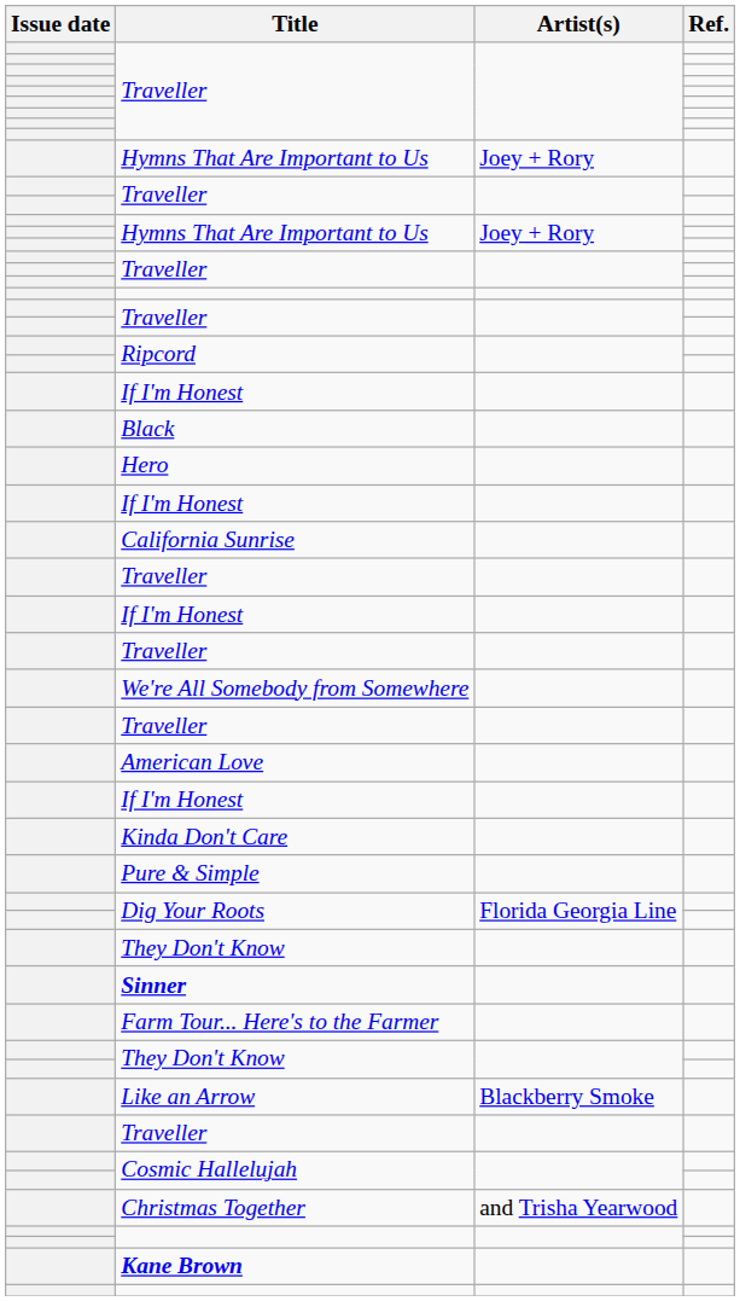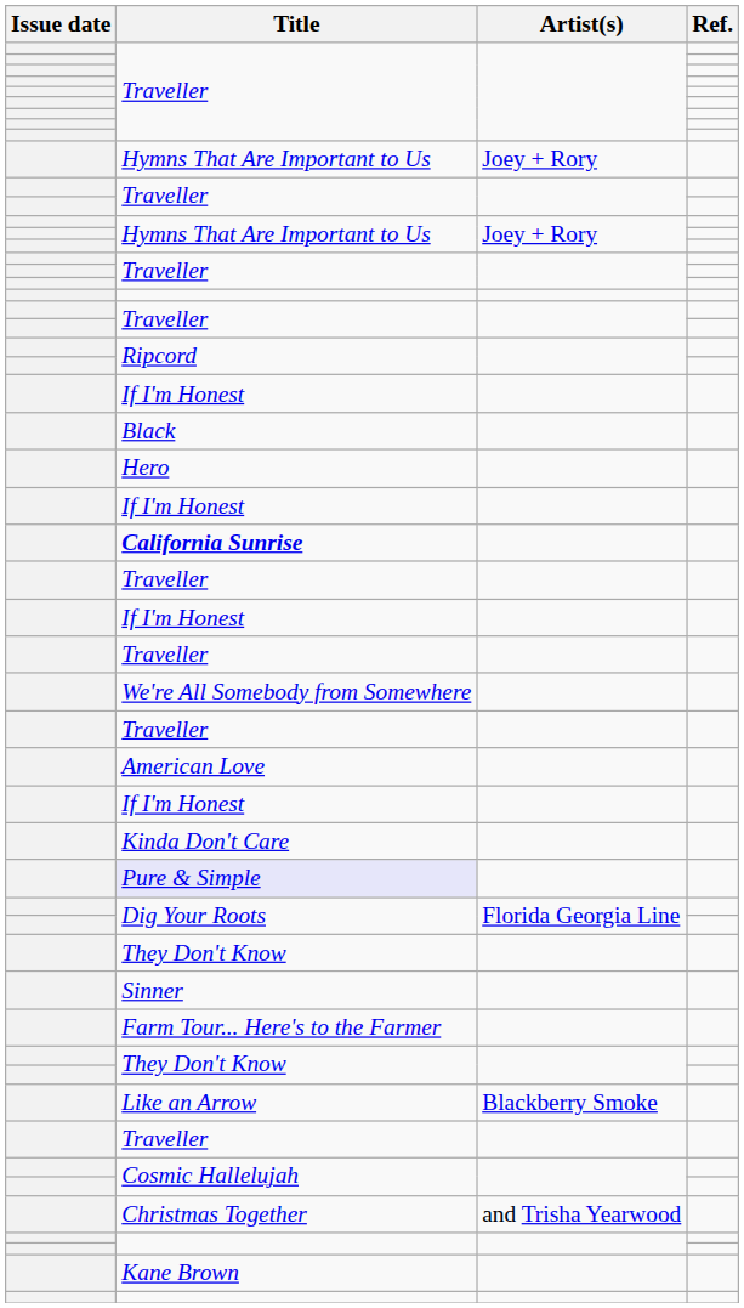 <table class="wikitable sortable plainrowheaders">
 <tr>
 <th scope=col>Issue date</th>
 <th scope=col>Title</th>
 <th scope=col>Artist(s)</th>
 <th scope=col class=unsortable>Ref.</th>
 </tr>
 <tr>
 <th scope=row></th>
 <td rowspan="9"><em><a href='#'>Traveller</a></em></td>
 <td rowspan="9"></td>
 <td align=center></td>
 </tr>
 <tr>
 <th scope=row></th>
 <td align=center></td>
 </tr>
 <tr>
 <th scope=row></th>
 <td align=center></td>
 </tr>
 <tr>
 <th scope=row></th>
 <td align=center></td>
 </tr>
 <tr>
 <th scope=row></th>
 <td align=center></td>
 </tr>
 <tr>
 <th scope=row></th>
 <td align=center></td>
 </tr>
 <tr>
 <th scope=row></th>
 <td align=center></td>
 </tr>
 <tr>
 <th scope=row></th>
 <td align=center></td>
 </tr>
 <tr>
 <th scope=row></th>
 <td align=center></td>
 </tr>
 <tr>
 <th scope=row></th>
 <td><em><a href='#'>Hymns That Are Important to Us</a></em></td>
 <td><a href='#'>Joey + Rory</a></td>
 <td align=center></td>
 </tr>
 <tr>
 <th scope=row></th>
 <td rowspan="2"><em><a href='#'>Traveller</a></em></td>
 <td rowspan="2"></td>
 <td align=center></td>
 </tr>
 <tr>
 <th scope=row></th>
 <td align=center></td>
 </tr>
 <tr>
 <th scope=row></th>
 <td rowspan="3"><em><a href='#'>Hymns That Are Important to Us</a></em></td>
 <td rowspan="3"><a href='#'>Joey + Rory</a></td>
 <td align=center></td>
 </tr>
 <tr>
 <th scope=row></th>
 <td align=center></td>
 </tr>
 <tr>
 <th scope=row></th>
 <td align=center></td>
 </tr>
 <tr>
 <th scope=row></th>
 <td rowspan="3"><em><a href='#'>Traveller</a></em></td>
 <td rowspan="3"></td>
 <td align=center></td>
 </tr>
 <tr>
 <th scope=row></th>
 <td align=center></td>
 </tr>
 <tr>
 <th scope=row></th>
 <td align=center></td>
 </tr>
 <tr>
 <th scope=row></th>
 <td><em></em></td>
 <td></td>
 <td align=center></td>
 </tr>
 <tr>
 <th scope=row></th>
 <td rowspan="2"><em><a href='#'>Traveller</a></em></td>
 <td rowspan="2"></td>
 <td align=center></td>
 </tr>
 <tr>
 <th scope=row></th>
 <td align=center></td>
 </tr>
 <tr>
 <th scope=row></th>
 <td rowspan="2"><em><a href='#'>Ripcord</a></em></td>
 <td rowspan="2"></td>
 <td align=center></td>
 </tr>
 <tr>
 <th scope=row></th>
 <td align=center></td>
 </tr>
 <tr>
 <th scope=row></th>
 <td><em><a href='#'>If I'm Honest</a></em></td>
 <td></td>
 <td align=center></td>
 </tr>
 <tr>
 <th scope=row></th>
 <td><em><a href='#'>Black</a></em></td>
 <td></td>
 <td align=center></td>
 </tr>
 <tr>
 <th scope=row></th>
 <td><em><a href='#'>Hero</a></em></td>
 <td></td>
 <td align=center></td>
 </tr>
 <tr>
 <th scope=row></th>
 <td><em><a href='#'>If I'm Honest</a></em></td>
 <td></td>
 <td align=center></td>
 </tr>
 <tr>
 <th scope=row></th>
-<td><em><a href='#'>California Sunrise</a></em></td>
+<td><strong><em><a href='#'>California Sunrise</a></em></strong></td>
 <td></td>
 <td align=center></td>
 </tr>
 <tr>
 <th scope=row></th>
 <td><em><a href='#'>Traveller</a></em></td>
 <td></td>
 <td align=center></td>
 </tr>
 <tr>
 <th scope=row></th>
 <td><em><a href='#'>If I'm Honest</a></em></td>
 <td></td>
 <td align=center></td>
 </tr>
 <tr>
 <th scope=row></th>
 <td><em><a href='#'>Traveller</a></em></td>
 <td></td>
 <td align=center></td>
 </tr>
 <tr>
 <th scope=row></th>
 <td><em><a href='#'>We're All Somebody from Somewhere</a></em></td>
 <td></td>
 <td align=center></td>
 </tr>
 <tr>
 <th scope=row></th>
 <td><em><a href='#'>Traveller</a></em></td>
 <td></td>
 <td align=center></td>
 </tr>
 <tr>
 <th scope=row></th>
 <td><em><a href='#'>American Love</a></em></td>
 <td></td>
 <td align=center></td>
 </tr>
 <tr>
 <th scope=row></th>
 <td><em><a href='#'>If I'm Honest</a></em></td>
 <td></td>
 <td align=center></td>
 </tr>
 <tr>
 <th scope=row></th>
 <td><em><a href='#'>Kinda Don't Care</a></em></td>
 <td></td>
 <td align=center></td>
 </tr>
 <tr>
 <th scope=row></th>
-<td><em><a href='#'>Pure & Simple</a></em></td>
+<td style="background: lavender;"><em><a href='#'>Pure & Simple</a></em></td>
 <td></td>
 <td align=center></td>
 </tr>
 <tr>
 <th scope=row></th>
 <td rowspan="2"><em><a href='#'>Dig Your Roots</a></em></td>
 <td rowspan="2"><a href='#'>Florida Georgia Line</a></td>
 <td align=center></td>
 </tr>
 <tr>
 <th scope=row></th>
 <td align=center></td>
 </tr>
 <tr>
 <th scope=row></th>
 <td><em><a href='#'>They Don't Know</a></em></td>
 <td></td>
 <td align=center></td>
 </tr>
 <tr>
 <th scope=row></th>
-<td><strong><em><a href='#'>Sinner</a></em></strong></td>
+<td><em><a href='#'>Sinner</a></em></td>
 <td></td>
 <td align=center></td>
 </tr>
 <tr>
 <th scope=row></th>
 <td><em><a href='#'>Farm Tour... Here's to the Farmer</a></em></td>
 <td></td>
 <td align=center></td>
 </tr>
 <tr>
 <th scope=row></th>
 <td rowspan="2"><em><a href='#'>They Don't Know</a></em></td>
 <td rowspan="2"></td>
 <td align=center></td>
 </tr>
 <tr>
 <th scope=row></th>
 <td align=center></td>
 </tr>
 <tr>
 <th scope=row></th>
 <td><em><a href='#'>Like an Arrow</a></em></td>
 <td><a href='#'>Blackberry Smoke</a></td>
 <td align=center></td>
 </tr>
 <tr>
 <th scope=row></th>
 <td><em><a href='#'>Traveller</a></em></td>
 <td></td>
 <td align=center></td>
 </tr>
 <tr>
 <th scope=row></th>
 <td rowspan="2"><em><a href='#'>Cosmic Hallelujah</a></em></td>
 <td rowspan="2"></td>
 <td align=center></td>
 </tr>
 <tr>
 <th scope=row></th>
 <td align=center></td>
 </tr>
 <tr>
 <th scope=row></th>
 <td><em><a href='#'>Christmas Together</a></em></td>
 <td> and <a href='#'>Trisha Yearwood</a></td>
 <td align=center></td>
 </tr>
 <tr>
 <th scope=row></th>
 <td rowspan="2"><em></em></td>
 <td rowspan="2"></td>
 <td align=center></td>
 </tr>
 <tr>
 <th scope=row></th>
 <td align=center></td>
 </tr>
 <tr>
 <th scope=row></th>
-<td><strong><em><a href='#'>Kane Brown</a></em></strong></td>
+<td><em><a href='#'>Kane Brown</a></em></td>
 <td></td>
 <td align=center></td>
 </tr>
 <tr>
 <th scope=row></th>
 <td><em></em></td>
 <td></td>
 <td align=center></td>
 </tr>
 </table>
